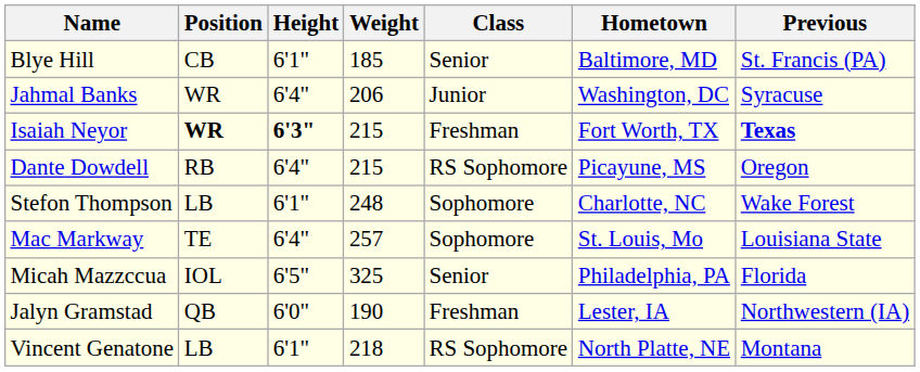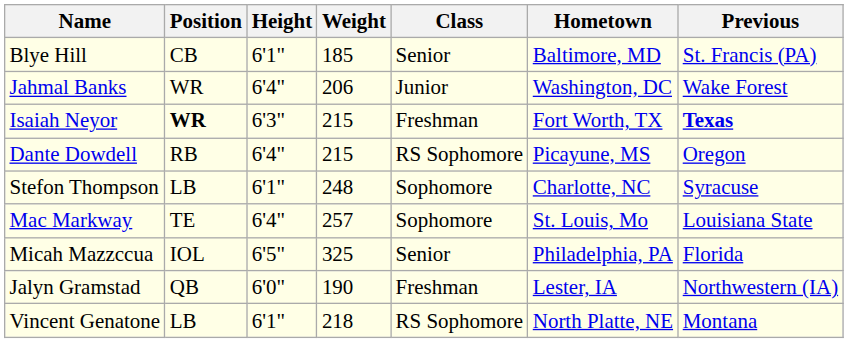 <table class="wikitable sortable">
 <tr>
 <th>Name</th>
 <th>Position</th>
 <th>Height</th>
 <th>Weight</th>
 <th>Class</th>
 <th>Hometown</th>
 <th>Previous</th>
 </tr>
 <tr style="background:#FFFFE6;">
 <td>Blye Hill</td>
 <td>CB</td>
 <td>6'1"</td>
 <td>185</td>
 <td>Senior</td>
 <td><a href='#'>Baltimore, MD</a></td>
 <td><a href='#'>St. Francis (PA)</a></td>
 </tr>
 <tr style="background:#FFFFE6;">
 <td><a href='#'>Jahmal Banks</a></td>
 <td>WR</td>
 <td>6'4"</td>
 <td>206</td>
 <td>Junior</td>
 <td><a href='#'>Washington, DC</a></td>
-<td><a href='#'>Syracuse</a></td>
+<td><a href='#'>Wake Forest</a></td>
 </tr>
 <tr style="background:#FFFFE6;">
 <td><a href='#'>Isaiah Neyor</a></td>
 <td><strong>WR</strong></td>
-<td><strong>6'3"</strong></td>
+<td>6'3"</td>
 <td>215</td>
 <td>Freshman</td>
 <td><a href='#'>Fort Worth, TX</a></td>
 <td><strong><a href='#'>Texas</a></strong></td>
 </tr>
 <tr style="background:#FFFFE6;">
 <td><a href='#'>Dante Dowdell</a></td>
 <td>RB</td>
 <td>6'4"</td>
 <td>215</td>
 <td>RS Sophomore</td>
 <td><a href='#'>Picayune, MS</a></td>
 <td><a href='#'>Oregon</a></td>
 </tr>
 <tr style="background:#FFFFE6;">
 <td>Stefon Thompson</td>
 <td>LB</td>
 <td>6'1"</td>
 <td>248</td>
 <td>Sophomore</td>
 <td><a href='#'>Charlotte, NC</a></td>
-<td><a href='#'>Wake Forest</a></td>
+<td><a href='#'>Syracuse</a></td>
 </tr>
 <tr style="background:#FFFFE6;">
 <td><a href='#'>Mac Markway</a></td>
 <td>TE</td>
 <td>6'4"</td>
 <td>257</td>
 <td>Sophomore</td>
 <td><a href='#'>St. Louis, Mo</a></td>
 <td><a href='#'>Louisiana State</a></td>
 </tr>
 <tr style="background:#FFFFE6;">
 <td>Micah Mazzccua</td>
 <td>IOL</td>
 <td>6'5"</td>
 <td>325</td>
 <td>Senior</td>
 <td><a href='#'>Philadelphia, PA</a></td>
 <td><a href='#'>Florida</a></td>
 </tr>
 <tr style="background:#FFFFE6;">
 <td>Jalyn Gramstad</td>
 <td>QB</td>
 <td>6'0"</td>
 <td>190</td>
 <td>Freshman</td>
 <td><a href='#'>Lester, IA</a></td>
 <td><a href='#'>Northwestern (IA)</a></td>
 </tr>
 <tr style="background:#FFFFE6;">
 <td>Vincent Genatone</td>
 <td>LB</td>
 <td>6'1"</td>
 <td>218</td>
 <td>RS Sophomore</td>
 <td><a href='#'>North Platte, NE</a></td>
 <td><a href='#'>Montana</a></td>
 </tr>
 </table>
